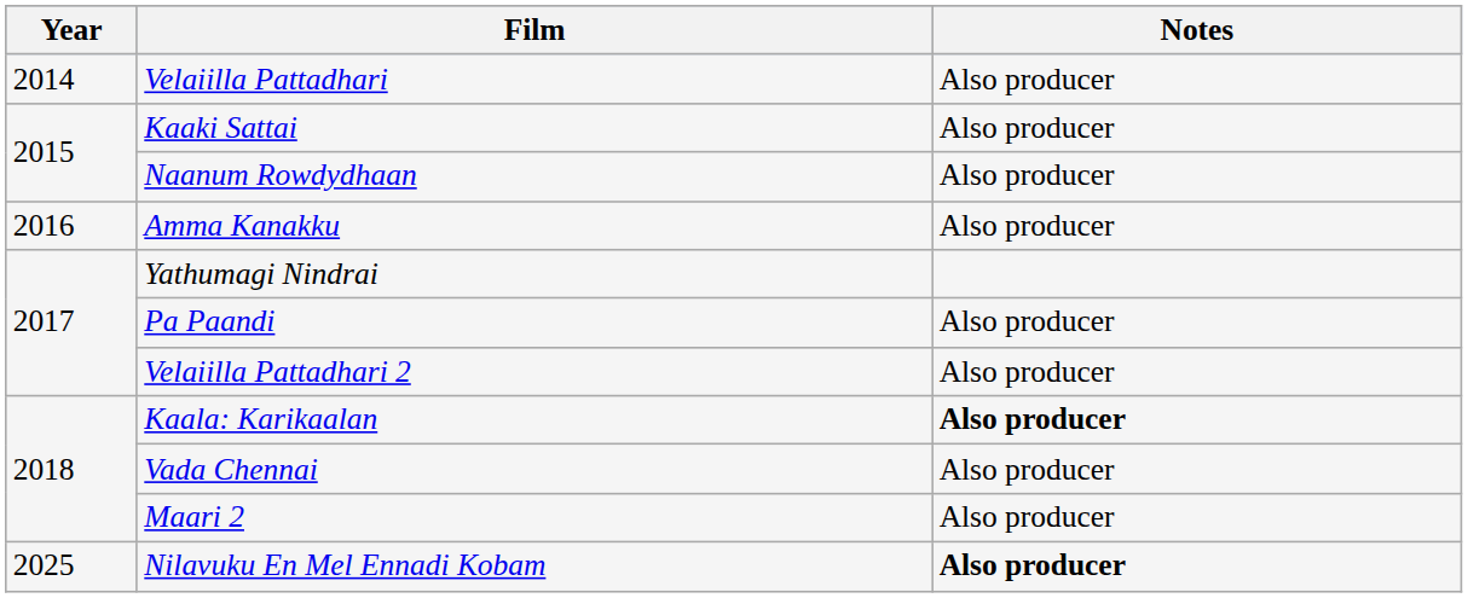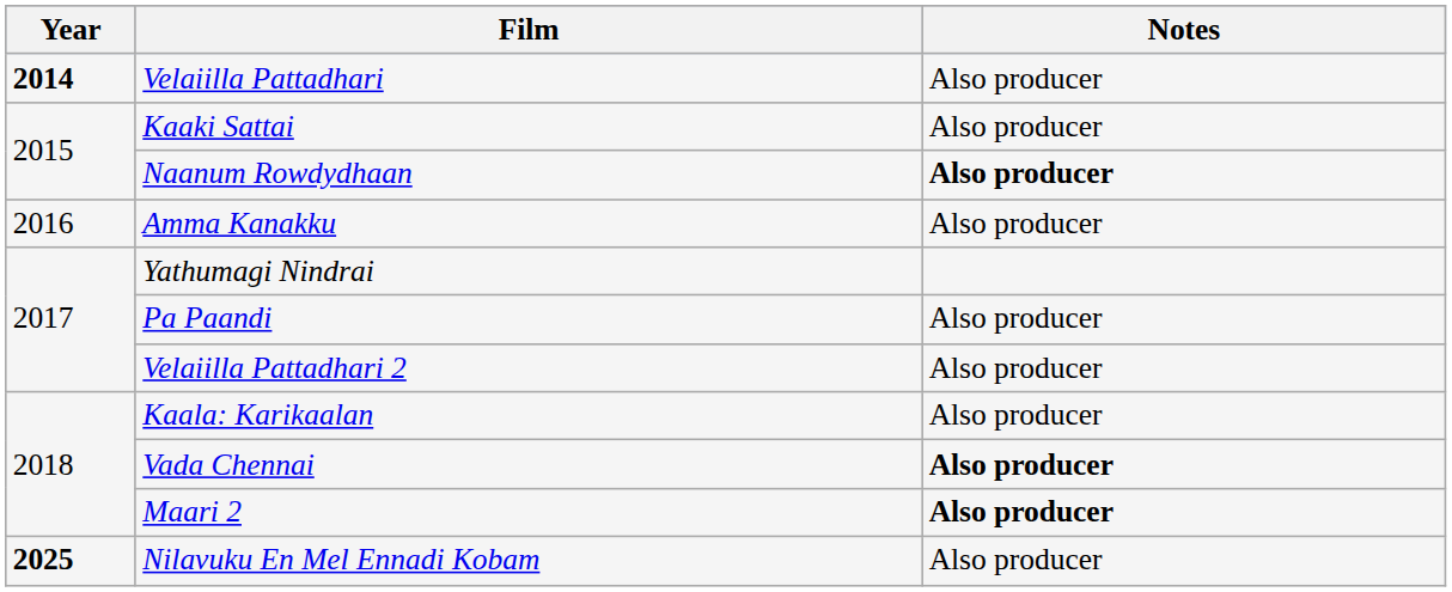 <table class="wikitable sortable" style="background:#f5f5f5; width:60%;">
 <tr style="background:#B0C4DE; text-align:center;">
 <th style="width:3%;">Year</th>
 <th style="width:24%;">Film</th>
 <th style="width:16%;">Notes</th>
 </tr>
 <tr>
-<td>2014</td>
+<td><strong>2014</strong></td>
 <td><em><a href='#'>Velaiilla Pattadhari</a></em></td>
 <td>Also producer</td>
 </tr>
 <tr>
 <td rowspan=2>2015</td>
 <td><em><a href='#'>Kaaki Sattai</a></em></td>
 <td>Also producer</td>
 </tr>
 <tr>
 <td><em><a href='#'>Naanum Rowdydhaan</a></em></td>
-<td>Also producer</td>
+<td><strong>Also producer</strong></td>
 </tr>
 <tr>
 <td>2016</td>
 <td><em><a href='#'>Amma Kanakku</a></em></td>
 <td>Also producer</td>
 </tr>
 <tr>
 <td rowspan=3>2017</td>
 <td><em>Yathumagi Nindrai</em></td>
 <td></td>
 </tr>
 <tr>
 <td><em><a href='#'>Pa Paandi</a></em></td>
 <td>Also producer</td>
 </tr>
 <tr>
 <td><em><a href='#'>Velaiilla Pattadhari 2</a></em></td>
 <td>Also producer</td>
 </tr>
 <tr>
 <td rowspan=3>2018</td>
 <td><em><a href='#'>Kaala: Karikaalan</a></em></td>
+<td>Also producer</td>
+</tr>
+<tr>
+<td><em><a href='#'>Vada Chennai</a></em></td>
 <td><strong>Also producer</strong></td>
 </tr>
 <tr>
-<td><em><a href='#'>Vada Chennai</a></em></td>
+<td><em><a href='#'>Maari 2</a></em></td>
+<td><strong>Also producer</strong></td>
+</tr>
+<tr>
+<td><strong>2025</strong></td>
+<td><em><a href='#'>Nilavuku En Mel Ennadi Kobam</a></em></td>
 <td>Also producer</td>
 </tr>
-<tr>
-<td><em><a href='#'>Maari 2</a></em></td>
-<td>Also producer</td>
-</tr>
-<tr>
-<td>2025</td>
-<td><em><a href='#'>Nilavuku En Mel Ennadi Kobam</a></em></td>
-<td><strong>Also producer</strong></td>
-</tr>
 </table>
